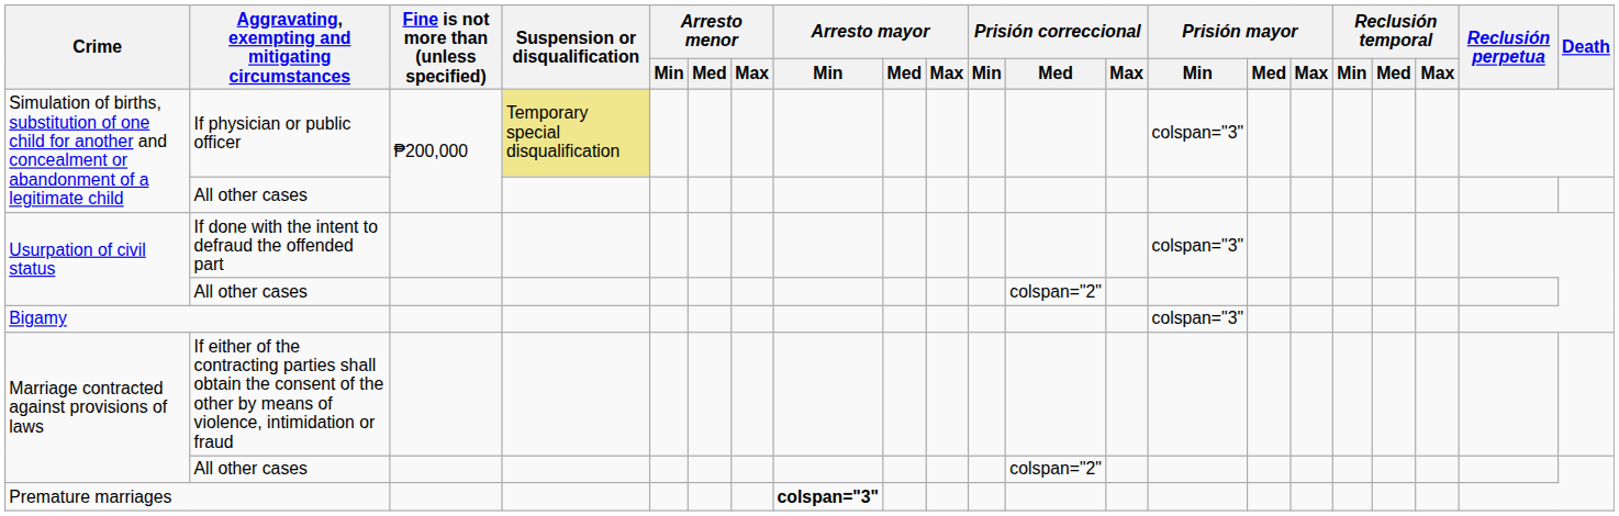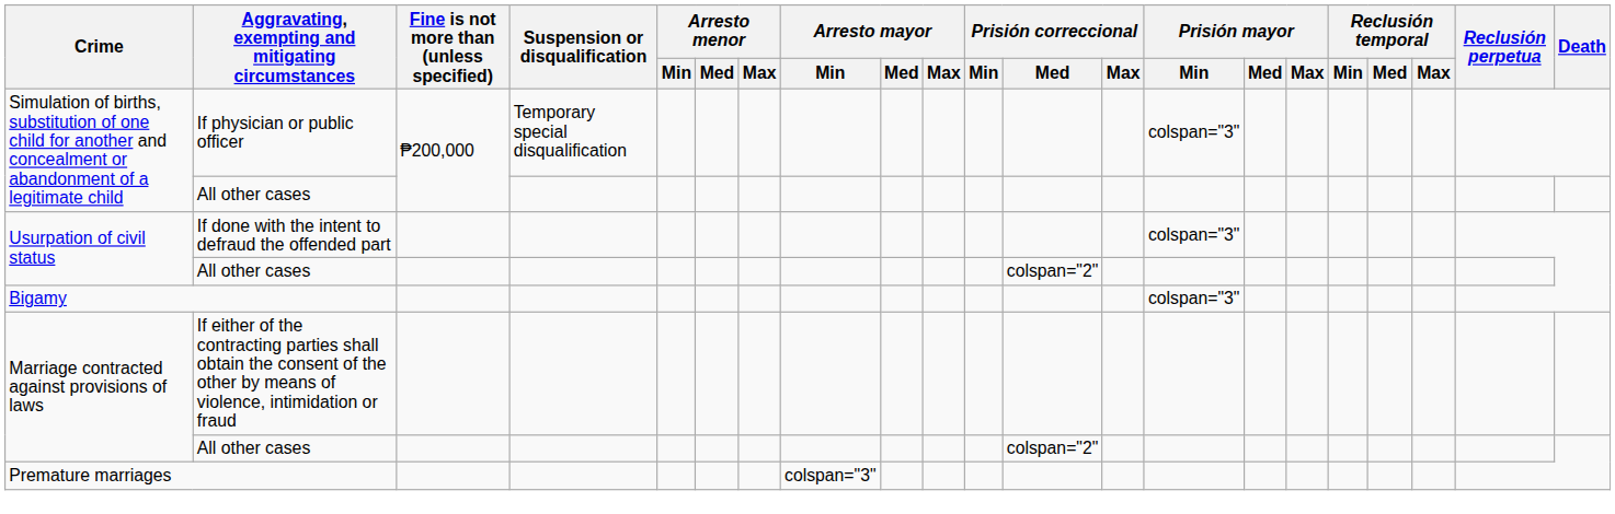 <table class="wikitable" style="font-size:85%;" width="100%">
 <tr>
 <th rowspan="2">Crime</th>
 <th rowspan="2"><a href='#'>Aggravating</a>, <a href='#'>exempting and mitigating circumstances</a></th>
 <th rowspan="2"><a href='#'>Fine</a> is not more than (unless specified)</th>
 <th rowspan="2">Suspension or disqualification</th>
 <th colspan="3"><em>Arresto menor</em></th>
 <th colspan="3"><em>Arresto mayor</em></th>
 <th colspan="3"><em>Prisión correccional</em></th>
 <th colspan="3"><em>Prisión mayor</em></th>
 <th colspan="3"><em>Reclusión temporal</em></th>
 <th rowspan="2"><em><a href='#'>Reclusión perpetua</a></em></th>
 <th rowspan="2"><a href='#'>Death</a></th>
 </tr>
 <tr>
 <th>Min</th>
 <th>Med</th>
 <th>Max</th>
 <th>Min</th>
 <th>Med</th>
 <th>Max</th>
 <th>Min</th>
 <th>Med</th>
 <th>Max</th>
 <th>Min</th>
 <th>Med</th>
 <th>Max</th>
 <th>Min</th>
 <th>Med</th>
 <th>Max</th>
 </tr>
 <tr>
 <td rowspan="2">Simulation of births, <a href='#'>substitution of one child for another</a> and <a href='#'>concealment or abandonment of a legitimate child</a></td>
 <td>If physician or public officer</td>
 <td rowspan="2">₱200,000</td>
-<td style="background: khaki;">Temporary special disqualification</td>
+<td>Temporary special disqualification</td>
 <td></td>
 <td></td>
 <td></td>
 <td></td>
 <td></td>
 <td></td>
 <td></td>
 <td></td>
 <td></td>
 <td>colspan="3" </td>
 <td></td>
 <td></td>
 <td></td>
 <td></td>
 <td></td>
 </tr>
 <tr>
 <td>All other cases</td>
 <td></td>
 <td></td>
 <td></td>
 <td></td>
 <td></td>
 <td></td>
 <td></td>
 <td></td>
 <td></td>
 <td></td>
 <td></td>
 <td></td>
 <td></td>
 <td></td>
 <td></td>
 <td></td>
 <td></td>
 <td></td>
 </tr>
 <tr>
 <td rowspan="2"><a href='#'>Usurpation of civil status</a></td>
 <td>If done with the intent to defraud the offended part</td>
 <td></td>
 <td></td>
 <td></td>
 <td></td>
 <td></td>
 <td></td>
 <td></td>
 <td></td>
 <td></td>
 <td></td>
 <td></td>
 <td>colspan="3" </td>
 <td></td>
 <td></td>
 <td></td>
 <td></td>
 <td></td>
 </tr>
 <tr>
 <td>All other cases</td>
 <td></td>
 <td></td>
 <td></td>
 <td></td>
 <td></td>
 <td></td>
 <td></td>
 <td></td>
 <td></td>
 <td>colspan="2" </td>
 <td></td>
 <td></td>
 <td></td>
 <td></td>
 <td></td>
 <td></td>
 <td></td>
 <td></td>
 </tr>
 <tr>
 <td colspan="2"><a href='#'>Bigamy</a></td>
 <td></td>
 <td></td>
 <td></td>
 <td></td>
 <td></td>
 <td></td>
 <td></td>
 <td></td>
 <td></td>
 <td></td>
 <td></td>
 <td>colspan="3" </td>
 <td></td>
 <td></td>
 <td></td>
 <td></td>
 <td></td>
 </tr>
 <tr>
 <td rowspan="2">Marriage contracted against provisions of laws</td>
 <td>If either of the contracting parties shall obtain the consent of the other by means of violence, intimidation or fraud</td>
 <td></td>
 <td></td>
 <td></td>
 <td></td>
 <td></td>
 <td></td>
 <td></td>
 <td></td>
 <td></td>
 <td></td>
 <td></td>
 <td></td>
 <td></td>
 <td></td>
 <td></td>
 <td></td>
 <td></td>
 <td></td>
 <td></td>
 </tr>
 <tr>
 <td>All other cases</td>
 <td></td>
 <td></td>
 <td></td>
 <td></td>
 <td></td>
 <td></td>
 <td></td>
 <td></td>
 <td></td>
 <td>colspan="2" </td>
 <td></td>
 <td></td>
 <td></td>
 <td></td>
 <td></td>
 <td></td>
 <td></td>
 <td></td>
 </tr>
 <tr>
 <td colspan="2">Premature marriages</td>
 <td></td>
 <td></td>
 <td></td>
 <td></td>
 <td></td>
-<td><strong>colspan="3" </strong></td>
+<td>colspan="3" </td>
 <td></td>
 <td></td>
 <td></td>
 <td></td>
 <td></td>
 <td></td>
 <td></td>
 <td></td>
 <td></td>
 <td></td>
 <td></td>
 </tr>
 </table>
